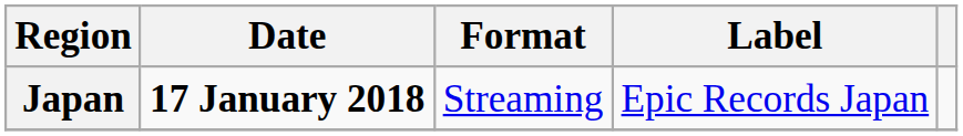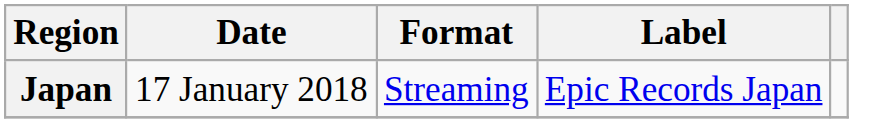 <table class="wikitable plainrowheaders">
 <tr>
 <th scope="col">Region</th>
 <th scope="col">Date</th>
 <th scope="col">Format</th>
 <th scope="col">Label</th>
 <th scope="col"></th>
 </tr>
 <tr>
 <th scope="row">Japan</th>
-<td><strong>17 January 2018</strong></td>
+<td>17 January 2018</td>
 <td><a href='#'>Streaming</a></td>
 <td><a href='#'>Epic Records Japan</a></td>
 <td align="center"></td>
 </tr>
 <tr>
 </tr>
 </table>
